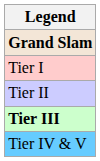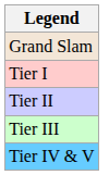 <table class="wikitable sortable mw-collapsible mw-collapsed">
 <tr>
 <th colspan=2>Legend</th>
 </tr>
 <tr style="background:#f3e6d7;">
-<td><strong>Grand Slam</strong></td>
+<td>Grand Slam</td>
 </tr>
 <tr bgcolor="#ffcccc">
 <td>Tier I</td>
 </tr>
 <tr bgcolor="#ccccff">
 <td>Tier II</td>
 </tr>
 <tr bgcolor="#CCFFCC">
-<td><strong>Tier III</strong></td>
+<td>Tier III</td>
 </tr>
 <tr bgcolor="#66CCFF">
 <td>Tier IV & V</td>
 </tr>
 </table>
